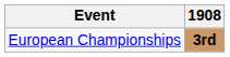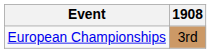 <table class="wikitable">
 <tr>
 <th>Event</th>
 <th>1908</th>
 </tr>
 <tr>
 <td><a href='#'>European Championships</a></td>
-<td align="center" bgcolor="cc9966"><strong>3rd</strong></td>
+<td align="center" bgcolor="cc9966">3rd</td>
 </tr>
 </table>
